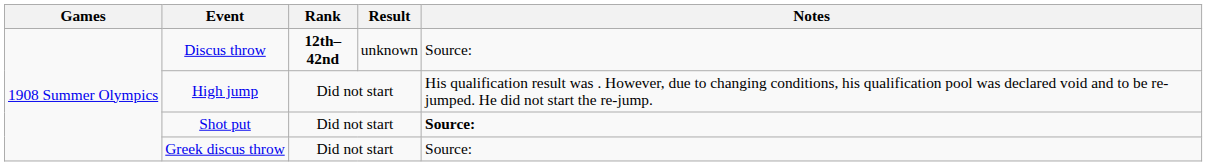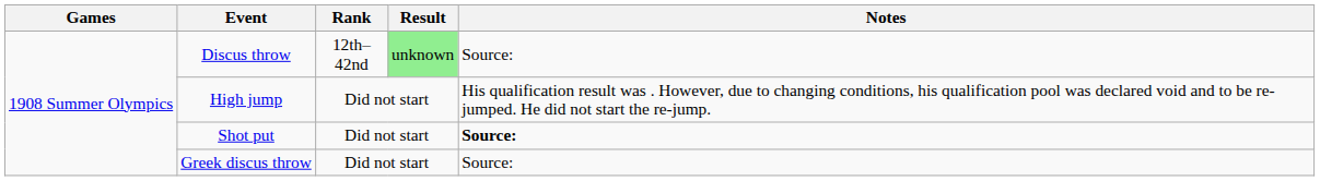 <table class="wikitable" style=" text-align:center;">
 <tr>
 <th>Games</th>
 <th>Event</th>
 <th>Rank</th>
 <th>Result</th>
 <th>Notes</th>
 </tr>
 <tr>
 <td rowspan=4 style="white-space: nowrap;"><a href='#'>1908 Summer Olympics</a></td>
 <td style="white-space: nowrap;"><a href='#'>Discus throw</a></td>
-<td><strong>12th–42nd</strong></td>
-<td>unknown</td>
+<td>12th–42nd</td>
+<td style="background: lightgreen;">unknown</td>
 <td align=left>Source:</td>
 </tr>
 <tr>
 <td style="white-space: nowrap;"><a href='#'>High jump</a></td>
 <td style="white-space: nowrap;" colspan=2>Did not start</td>
 <td align=left>His qualification result was . However, due to changing conditions, his qualification pool was declared void and to be re-jumped. He did not start the re-jump.</td>
 </tr>
 <tr>
 <td style="white-space: nowrap;"><a href='#'>Shot put</a></td>
 <td style="white-space: nowrap;" colspan=2>Did not start</td>
 <td align=left><strong>Source:</strong></td>
 </tr>
 <tr>
 <td style="white-space: nowrap;"><a href='#'>Greek discus throw</a></td>
 <td style="white-space: nowrap;" colspan=2>Did not start</td>
 <td align=left>Source:</td>
 </tr>
 </table>
